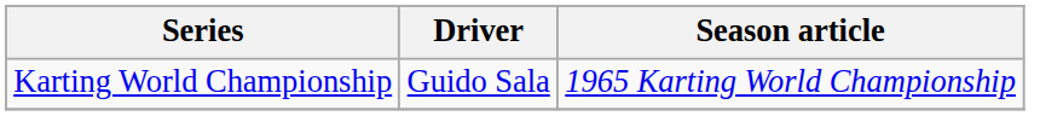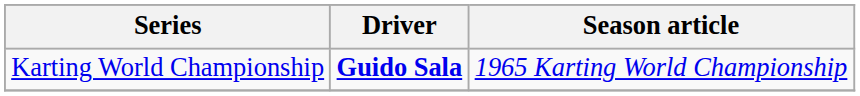 <table class="wikitable" style="font-size: 87%;">
 <tr>
 <th>Series</th>
 <th>Driver</th>
 <th>Season article</th>
 </tr>
 <tr>
 <td><a href='#'>Karting World Championship</a></td>
-<td> <a href='#'>Guido Sala</a></td>
+<td><strong> <a href='#'>Guido Sala</a></strong></td>
 <td><em><a href='#'>1965 Karting World Championship</a></em></td>
 </tr>
 <tr>
 </tr>
 </table>
